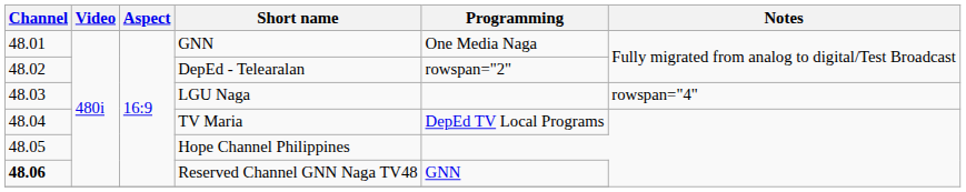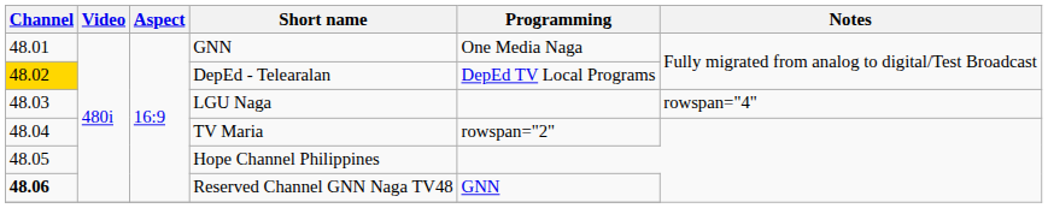 <table class="wikitable">
 <tr>
 <th><a href='#'>Channel</a></th>
 <th><a href='#'>Video</a></th>
 <th><a href='#'>Aspect</a></th>
 <th>Short name</th>
 <th>Programming</th>
 <th>Notes</th>
 </tr>
 <tr Quotes>
 <td>48.01</td>
 <td rowspan=6><a href='#'>480i</a></td>
 <td rowspan=6><a href='#'>16:9</a></td>
 <td>GNN</td>
 <td rowspan=1>One Media Naga</td>
 <td rowspan=2>Fully migrated from analog to digital/Test Broadcast</td>
 </tr>
 <tr>
-<td>48.02</td>
+<td style="background: gold;">48.02</td>
 <td>DepEd - Telearalan</td>
-<td>rowspan="2" </td>
+<td rowspan=1><a href='#'>DepEd TV</a> Local Programs</td>
 </tr>
 <tr>
 <td>48.03</td>
 <td>LGU Naga</td>
 <td></td>
 <td>rowspan="4" </td>
 </tr>
 <tr>
 <td>48.04</td>
 <td>TV Maria</td>
-<td rowspan=1><a href='#'>DepEd TV</a> Local Programs</td>
+<td>rowspan="2" </td>
 </tr>
 <tr>
 <td>48.05</td>
 <td>Hope Channel Philippines</td>
 </tr>
 <tr>
 <td><strong>48.06</strong></td>
 <td>Reserved Channel GNN Naga TV48</td>
 <td rowspan=1><a href='#'>GNN</a></td>
 </tr>
 <tr>
 </tr>
 </table>
